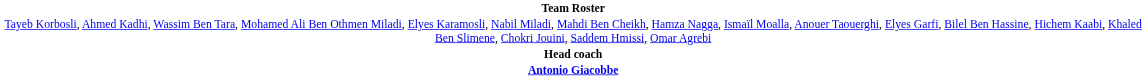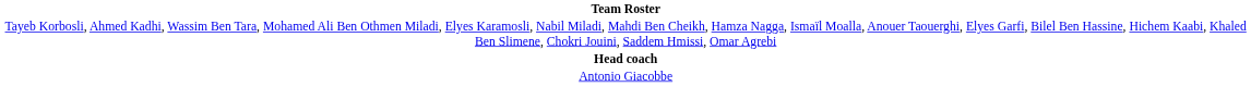 <table style="text-align:center; margin-top:2em; margin-left:auto; margin-right:auto">
 <tr>
 <td><strong>Team Roster</strong></td>
 </tr>
 <tr>
 <td><a href='#'>Tayeb Korbosli</a>, <a href='#'>Ahmed Kadhi</a>, <a href='#'>Wassim Ben Tara</a>, <a href='#'>Mohamed Ali Ben Othmen Miladi</a>, <a href='#'>Elyes Karamosli</a>, <a href='#'>Nabil Miladi</a>, <a href='#'>Mahdi Ben Cheikh</a>, <a href='#'>Hamza Nagga</a>, <a href='#'>Ismaïl Moalla</a>, <a href='#'>Anouer Taouerghi</a>, <a href='#'>Elyes Garfi</a>, <a href='#'>Bilel Ben Hassine</a>, <a href='#'>Hichem Kaabi</a>, <a href='#'>Khaled Ben Slimene</a>, <a href='#'>Chokri Jouini</a>, <a href='#'>Saddem Hmissi</a>, <a href='#'>Omar Agrebi</a></td>
 </tr>
 <tr>
 <td><strong>Head coach</strong></td>
 </tr>
 <tr>
-<td><strong> <a href='#'>Antonio Giacobbe</a></strong></td>
+<td> <a href='#'>Antonio Giacobbe</a></td>
 </tr>
 </table>
